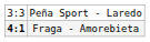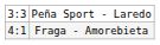 <table class="wikitable">
 <tr align=center bgcolor=white>
 <td>3:3</td>
 <td>Peña Sport - Laredo</td>
 </tr>
 <tr align=center bgcolor=#F5F5F5>
-<td><strong>4:1</strong></td>
+<td>4:1</td>
 <td>Fraga - Amorebieta</td>
 </tr>
 </table>
